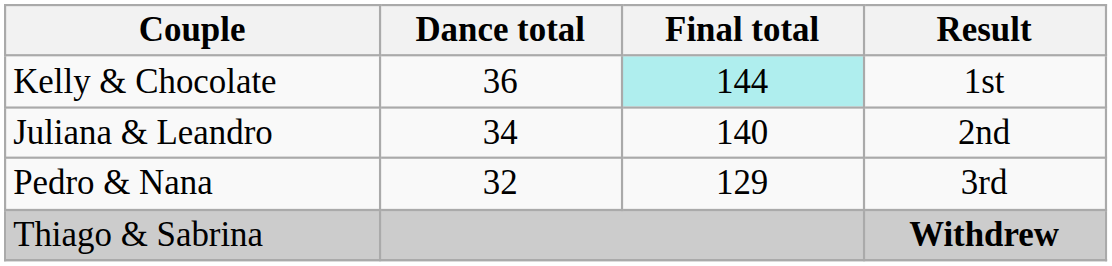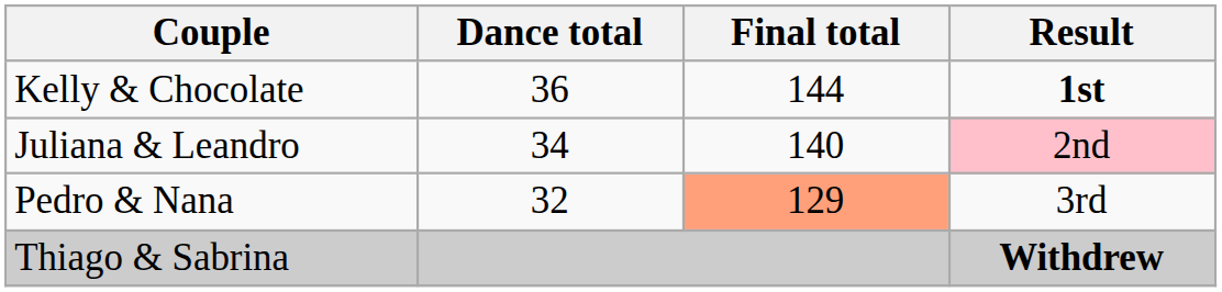 <table class="wikitable" style="font-size:100%; line-height:16px; text-align:center" width="40%">
 <tr>
 <th width=120>Couple</th>
 <th width=075>Dance total</th>
 <th width=075>Final total</th>
 <th width=075>Result</th>
 </tr>
 <tr>
 <td align="left">Kelly & Chocolate</td>
 <td>36</td>
-<td style="background: paleturquoise;">144</td>
-<td>1st</td>
+<td>144</td>
+<td><strong>1st</strong></td>
 </tr>
 <tr>
 <td align="left">Juliana & Leandro</td>
 <td>34</td>
 <td>140</td>
-<td>2nd</td>
+<td style="background: pink;">2nd</td>
 </tr>
 <tr>
 <td align="left">Pedro & Nana</td>
 <td>32</td>
-<td>129</td>
+<td style="background: lightsalmon;">129</td>
 <td>3rd</td>
 </tr>
 <tr bgcolor="CCCCCC">
 <td align="left">Thiago & Sabrina</td>
 <td colspan=2></td>
 <td><strong>Withdrew</strong></td>
 </tr>
 <tr>
 </tr>
 </table>
